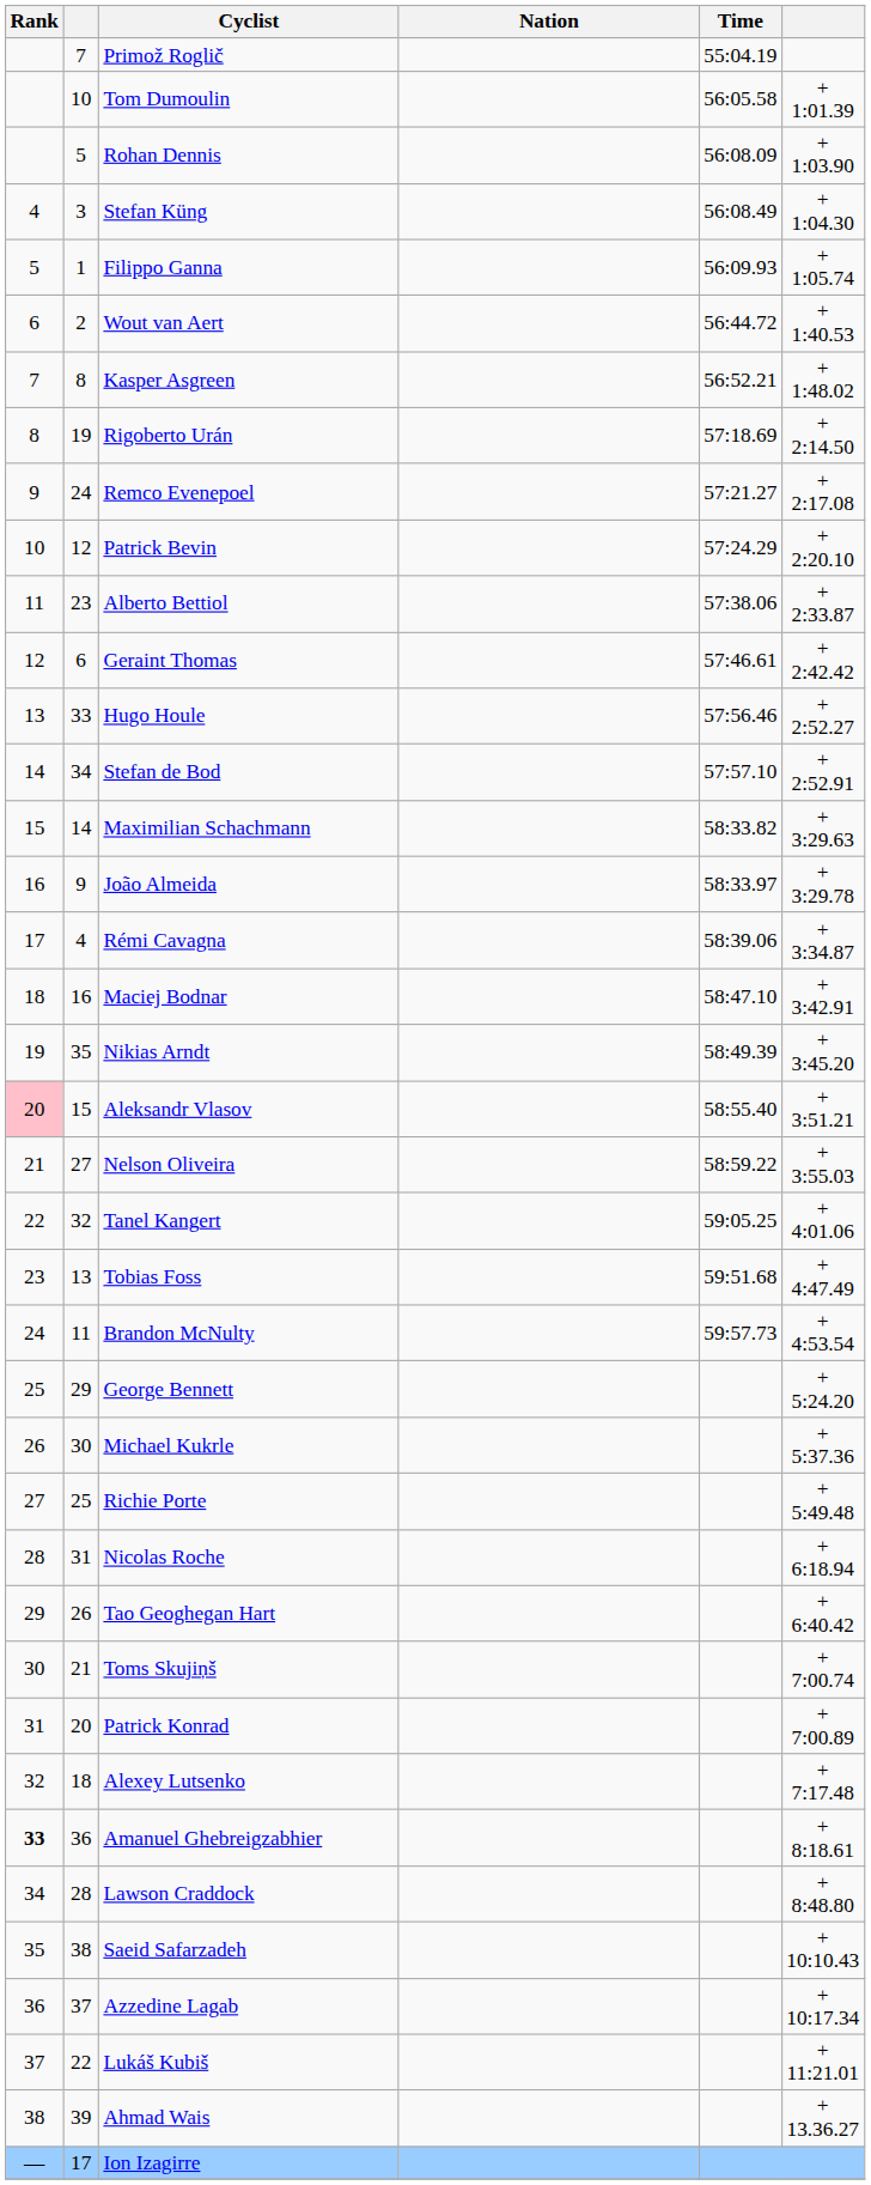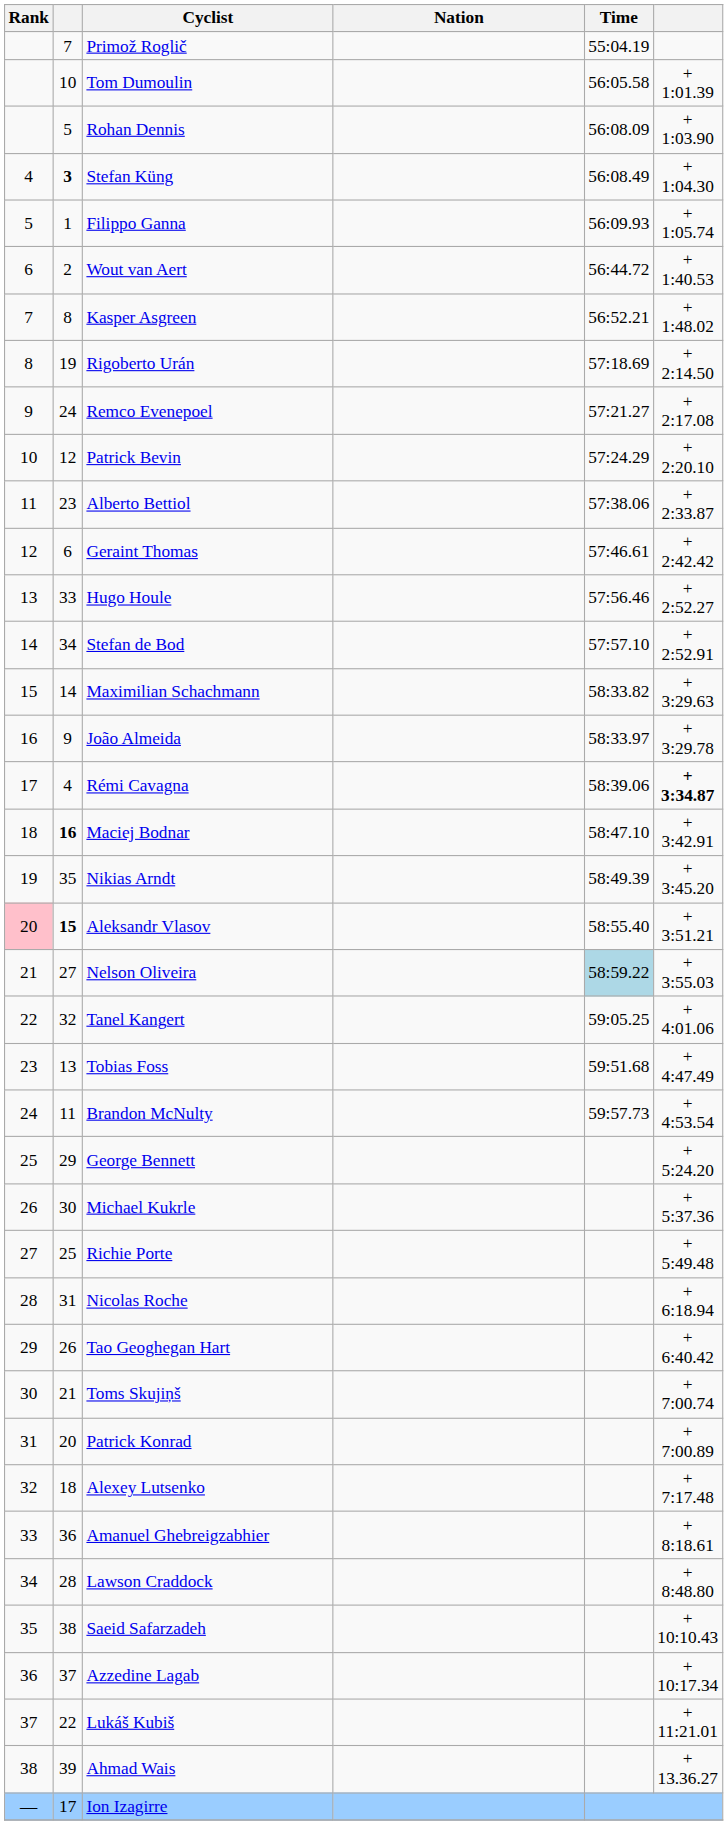 <table class="wikitable sortable" style="text-align:center">
 <tr style="background:#efefef;">
 <th width="30">Rank</th>
 <th width="20"></th>
 <th width="225">Cyclist</th>
 <th width="225">Nation</th>
 <th width="55">Time</th>
 <th width="55"></th>
 </tr>
 <tr>
 <td></td>
 <td>7</td>
 <td align="left"><a href='#'>Primož Roglič</a></td>
 <td align="left"></td>
 <td>55:04.19</td>
 <td></td>
 </tr>
 <tr>
 <td></td>
 <td>10</td>
 <td align="left"><a href='#'>Tom Dumoulin</a></td>
 <td align="left"></td>
 <td>56:05.58</td>
 <td>+ 1:01.39</td>
 </tr>
 <tr>
 <td></td>
 <td>5</td>
 <td align="left"><a href='#'>Rohan Dennis</a></td>
 <td align="left"></td>
 <td>56:08.09</td>
 <td>+ 1:03.90</td>
 </tr>
 <tr>
 <td>4</td>
-<td>3</td>
+<td><strong>3</strong></td>
 <td align="left"><a href='#'>Stefan Küng</a></td>
 <td align="left"></td>
 <td>56:08.49</td>
 <td>+ 1:04.30</td>
 </tr>
 <tr>
 <td>5</td>
 <td>1</td>
 <td align="left"><a href='#'>Filippo Ganna</a></td>
 <td align="left"></td>
 <td>56:09.93</td>
 <td>+ 1:05.74</td>
 </tr>
 <tr>
 <td>6</td>
 <td>2</td>
 <td align="left"><a href='#'>Wout van Aert</a></td>
 <td align="left"></td>
 <td>56:44.72</td>
 <td>+ 1:40.53</td>
 </tr>
 <tr>
 <td>7</td>
 <td>8</td>
 <td align="left"><a href='#'>Kasper Asgreen</a></td>
 <td align="left"></td>
 <td>56:52.21</td>
 <td>+ 1:48.02</td>
 </tr>
 <tr>
 <td>8</td>
 <td>19</td>
 <td align="left"><a href='#'>Rigoberto Urán</a></td>
 <td align="left"></td>
 <td>57:18.69</td>
 <td>+ 2:14.50</td>
 </tr>
 <tr>
 <td>9</td>
 <td>24</td>
 <td align="left"><a href='#'>Remco Evenepoel</a></td>
 <td align="left"></td>
 <td>57:21.27</td>
 <td>+ 2:17.08</td>
 </tr>
 <tr>
 <td>10</td>
 <td>12</td>
 <td align="left"><a href='#'>Patrick Bevin</a></td>
 <td align="left"></td>
 <td>57:24.29</td>
 <td>+ 2:20.10</td>
 </tr>
 <tr>
 <td>11</td>
 <td>23</td>
 <td align="left"><a href='#'>Alberto Bettiol</a></td>
 <td align="left"></td>
 <td>57:38.06</td>
 <td>+ 2:33.87</td>
 </tr>
 <tr>
 <td>12</td>
 <td>6</td>
 <td align="left"><a href='#'>Geraint Thomas</a></td>
 <td align="left"></td>
 <td>57:46.61</td>
 <td>+ 2:42.42</td>
 </tr>
 <tr>
 <td>13</td>
 <td>33</td>
 <td align="left"><a href='#'>Hugo Houle</a></td>
 <td align="left"></td>
 <td>57:56.46</td>
 <td>+ 2:52.27</td>
 </tr>
 <tr>
 <td>14</td>
 <td>34</td>
 <td align="left"><a href='#'>Stefan de Bod</a></td>
 <td align="left"></td>
 <td>57:57.10</td>
 <td>+ 2:52.91</td>
 </tr>
 <tr>
 <td>15</td>
 <td>14</td>
 <td align="left"><a href='#'>Maximilian Schachmann</a></td>
 <td align="left"></td>
 <td>58:33.82</td>
 <td>+ 3:29.63</td>
 </tr>
 <tr>
 <td>16</td>
 <td>9</td>
 <td align="left"><a href='#'>João Almeida</a></td>
 <td align="left"></td>
 <td>58:33.97</td>
 <td>+ 3:29.78</td>
 </tr>
 <tr>
 <td>17</td>
 <td>4</td>
 <td align="left"><a href='#'>Rémi Cavagna</a></td>
 <td align="left"></td>
 <td>58:39.06</td>
-<td>+ 3:34.87</td>
+<td><strong>+ 3:34.87</strong></td>
 </tr>
 <tr>
 <td>18</td>
-<td>16</td>
+<td><strong>16</strong></td>
 <td align="left"><a href='#'>Maciej Bodnar</a></td>
 <td align="left"></td>
 <td>58:47.10</td>
 <td>+ 3:42.91</td>
 </tr>
 <tr>
 <td>19</td>
 <td>35</td>
 <td align="left"><a href='#'>Nikias Arndt</a></td>
 <td align="left"></td>
 <td>58:49.39</td>
 <td>+ 3:45.20</td>
 </tr>
 <tr>
 <td style="background: pink;">20</td>
-<td>15</td>
+<td><strong>15</strong></td>
 <td align="left"><a href='#'>Aleksandr Vlasov</a></td>
 <td align="left"></td>
 <td>58:55.40</td>
 <td>+ 3:51.21</td>
 </tr>
 <tr>
 <td>21</td>
 <td>27</td>
 <td align="left"><a href='#'>Nelson Oliveira</a></td>
 <td align="left"></td>
-<td>58:59.22</td>
+<td style="background: lightblue;">58:59.22</td>
 <td>+ 3:55.03</td>
 </tr>
 <tr>
 <td>22</td>
 <td>32</td>
 <td align="left"><a href='#'>Tanel Kangert</a></td>
 <td align="left"></td>
 <td>59:05.25</td>
 <td>+ 4:01.06</td>
 </tr>
 <tr>
 <td>23</td>
 <td>13</td>
 <td align="left"><a href='#'>Tobias Foss</a></td>
 <td align="left"></td>
 <td>59:51.68</td>
 <td>+ 4:47.49</td>
 </tr>
 <tr>
 <td>24</td>
 <td>11</td>
 <td align="left"><a href='#'>Brandon McNulty</a></td>
 <td align="left"></td>
 <td>59:57.73</td>
 <td>+ 4:53.54</td>
 </tr>
 <tr>
 <td>25</td>
 <td>29</td>
 <td align="left"><a href='#'>George Bennett</a></td>
 <td align="left"></td>
 <td></td>
 <td>+ 5:24.20</td>
 </tr>
 <tr>
 <td>26</td>
 <td>30</td>
 <td align="left"><a href='#'>Michael Kukrle</a></td>
 <td align="left"></td>
 <td></td>
 <td>+ 5:37.36</td>
 </tr>
 <tr>
 <td>27</td>
 <td>25</td>
 <td align="left"><a href='#'>Richie Porte</a></td>
 <td align="left"></td>
 <td></td>
 <td>+ 5:49.48</td>
 </tr>
 <tr>
 <td>28</td>
 <td>31</td>
 <td align="left"><a href='#'>Nicolas Roche</a></td>
 <td align="left"></td>
 <td></td>
 <td>+ 6:18.94</td>
 </tr>
 <tr>
 <td>29</td>
 <td>26</td>
 <td align="left"><a href='#'>Tao Geoghegan Hart</a></td>
 <td align="left"></td>
 <td></td>
 <td>+ 6:40.42</td>
 </tr>
 <tr>
 <td>30</td>
 <td>21</td>
 <td align="left"><a href='#'>Toms Skujiņš</a></td>
 <td align="left"></td>
 <td></td>
 <td>+ 7:00.74</td>
 </tr>
 <tr>
 <td>31</td>
 <td>20</td>
 <td align="left"><a href='#'>Patrick Konrad</a></td>
 <td align="left"></td>
 <td></td>
 <td>+ 7:00.89</td>
 </tr>
 <tr>
 <td>32</td>
 <td>18</td>
 <td align="left"><a href='#'>Alexey Lutsenko</a></td>
 <td align="left"></td>
 <td></td>
 <td>+ 7:17.48</td>
 </tr>
 <tr>
-<td><strong>33</strong></td>
+<td>33</td>
 <td>36</td>
 <td align="left"><a href='#'>Amanuel Ghebreigzabhier</a></td>
 <td align="left"></td>
 <td></td>
 <td>+ 8:18.61</td>
 </tr>
 <tr>
 <td>34</td>
 <td>28</td>
 <td align="left"><a href='#'>Lawson Craddock</a></td>
 <td align="left"></td>
 <td></td>
 <td>+ 8:48.80</td>
 </tr>
 <tr>
 <td>35</td>
 <td>38</td>
 <td align="left"><a href='#'>Saeid Safarzadeh</a></td>
 <td align="left"></td>
 <td></td>
 <td>+ 10:10.43</td>
 </tr>
 <tr>
 <td>36</td>
 <td>37</td>
 <td align="left"><a href='#'>Azzedine Lagab</a></td>
 <td align="left"></td>
 <td></td>
 <td>+ 10:17.34</td>
 </tr>
 <tr>
 <td>37</td>
 <td>22</td>
 <td align="left"><a href='#'>Lukáš Kubiš</a></td>
 <td align="left"></td>
 <td></td>
 <td>+ 11:21.01</td>
 </tr>
 <tr>
 <td>38</td>
 <td>39</td>
 <td align="left"><a href='#'>Ahmad Wais</a></td>
 <td align="left"></td>
 <td></td>
 <td>+ 13.36.27</td>
 </tr>
 <tr bgcolor=#9acdff>
 <td data-sort-value="39">—</td>
 <td>17</td>
 <td align="left"><a href='#'>Ion Izagirre</a></td>
 <td align="left"></td>
 <td colspan="2" align="center"></td>
 </tr>
 <tr>
 </tr>
 </table>
